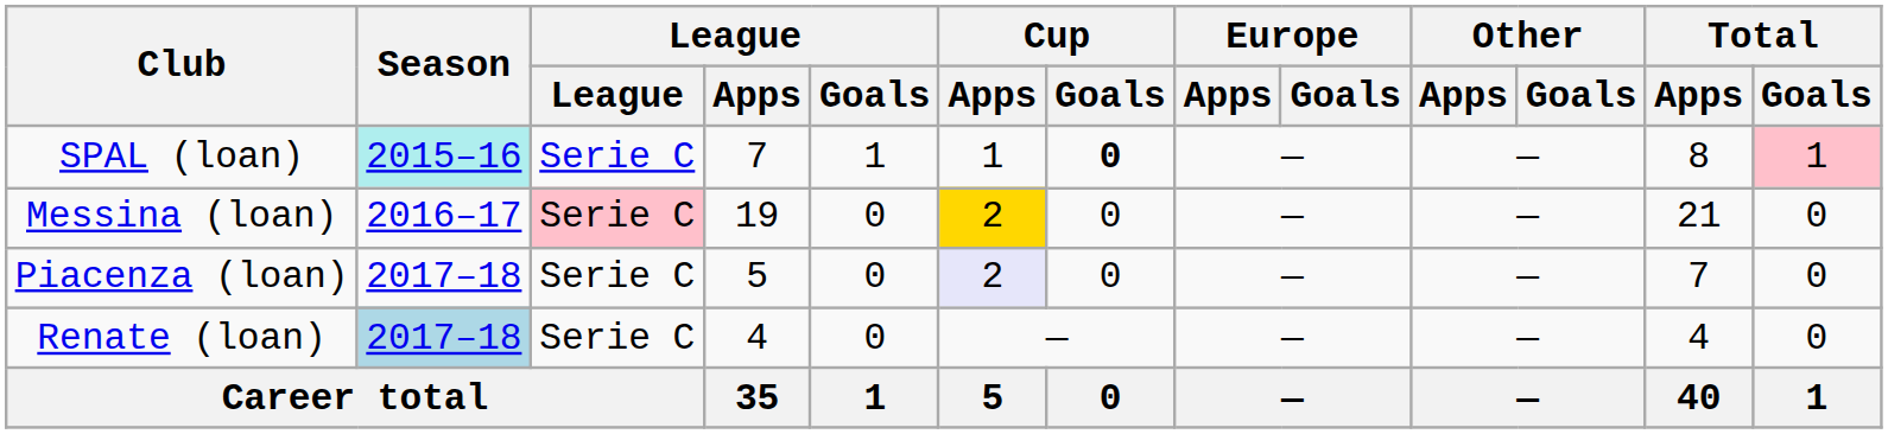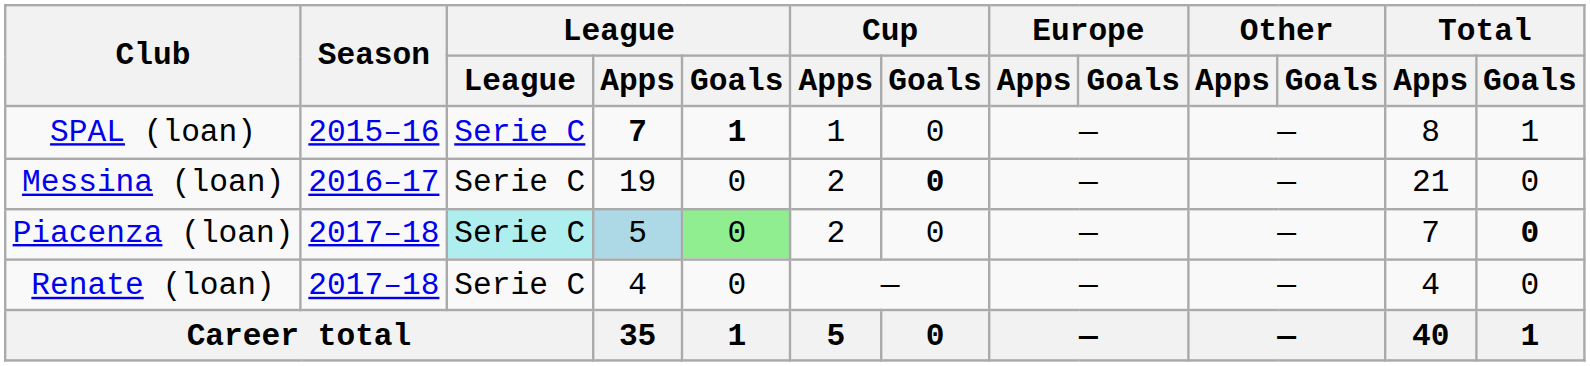 <table class="wikitable" style="text-align: center;">
 <tr>
 <th rowspan="2">Club</th>
 <th rowspan="2">Season</th>
 <th colspan="3">League</th>
 <th colspan="2">Cup</th>
 <th colspan="2">Europe</th>
 <th colspan="2">Other</th>
 <th colspan="2">Total</th>
 </tr>
 <tr>
 <th>League</th>
 <th>Apps</th>
 <th>Goals</th>
 <th>Apps</th>
 <th>Goals</th>
 <th>Apps</th>
 <th>Goals</th>
 <th>Apps</th>
 <th>Goals</th>
 <th>Apps</th>
 <th>Goals</th>
 </tr>
 <tr>
 <td><a href='#'>SPAL</a> (loan)</td>
-<td style="background: paleturquoise;"><a href='#'>2015–16</a></td>
+<td><a href='#'>2015–16</a></td>
 <td><a href='#'>Serie C</a></td>
-<td>7</td>
+<td><strong>7</strong></td>
+<td><strong>1</strong></td>
 <td>1</td>
-<td>1</td>
-<td><strong>0</strong></td>
+<td>0</td>
 <td colspan="2">—</td>
 <td colspan="2">—</td>
 <td>8</td>
-<td style="background: pink;">1</td>
+<td>1</td>
 </tr>
 <tr>
 <td><a href='#'>Messina</a> (loan)</td>
 <td><a href='#'>2016–17</a></td>
-<td style="background: pink;">Serie C</td>
+<td>Serie C</td>
 <td>19</td>
 <td>0</td>
-<td style="background: gold;">2</td>
-<td>0</td>
+<td>2</td>
+<td><strong>0</strong></td>
 <td colspan="2">—</td>
 <td colspan="2">—</td>
 <td>21</td>
 <td>0</td>
 </tr>
 <tr>
 <td><a href='#'>Piacenza</a> (loan)</td>
 <td><a href='#'>2017–18</a></td>
-<td>Serie C</td>
-<td>5</td>
-<td>0</td>
-<td style="background: lavender;">2</td>
+<td style="background: paleturquoise;">Serie C</td>
+<td style="background: lightblue;">5</td>
+<td style="background: lightgreen;">0</td>
+<td>2</td>
 <td>0</td>
 <td colspan="2">—</td>
 <td colspan="2">—</td>
 <td>7</td>
-<td>0</td>
+<td><strong>0</strong></td>
 </tr>
 <tr>
 <td><a href='#'>Renate</a> (loan)</td>
-<td style="background: lightblue;"><a href='#'>2017–18</a></td>
+<td><a href='#'>2017–18</a></td>
 <td>Serie C</td>
 <td>4</td>
 <td>0</td>
 <td colspan="2">—</td>
 <td colspan="2">—</td>
 <td colspan="2">—</td>
 <td>4</td>
 <td>0</td>
 </tr>
 <tr>
 <th colspan="3">Career total</th>
 <th>35</th>
 <th>1</th>
 <th>5</th>
 <th>0</th>
 <th colspan="2">—</th>
 <th colspan="2">—</th>
 <th>40</th>
 <th>1</th>
 </tr>
 </table>
